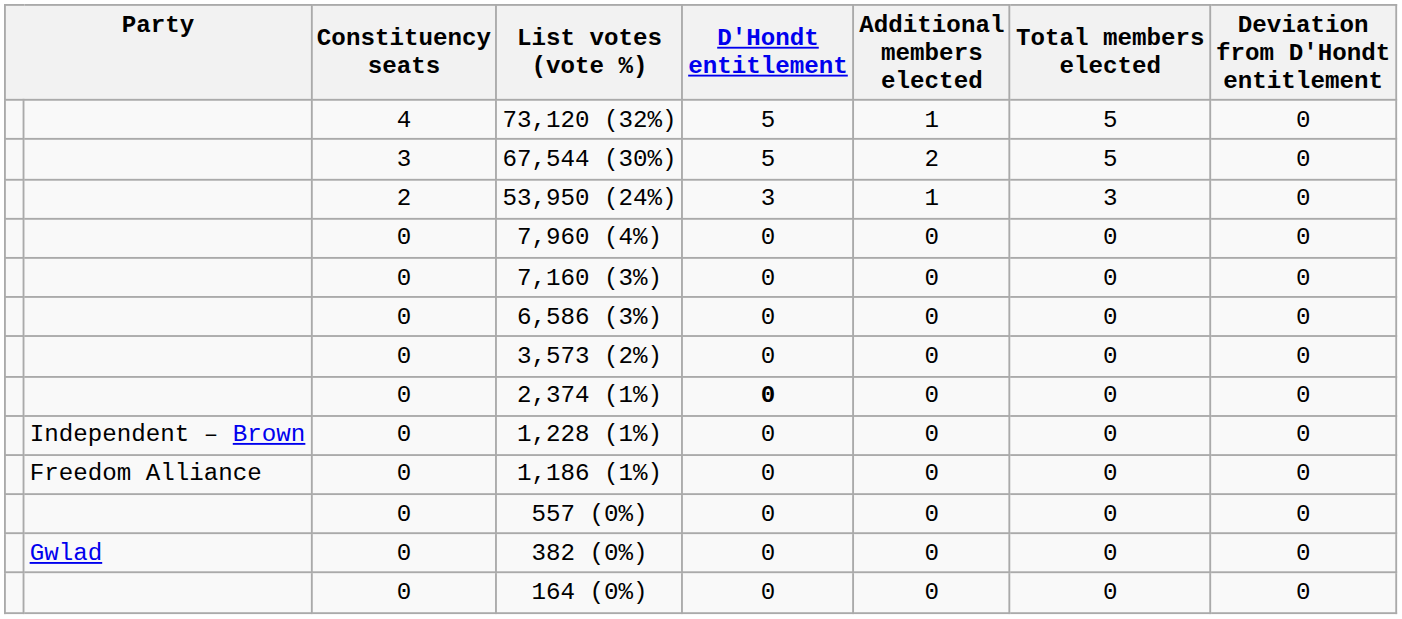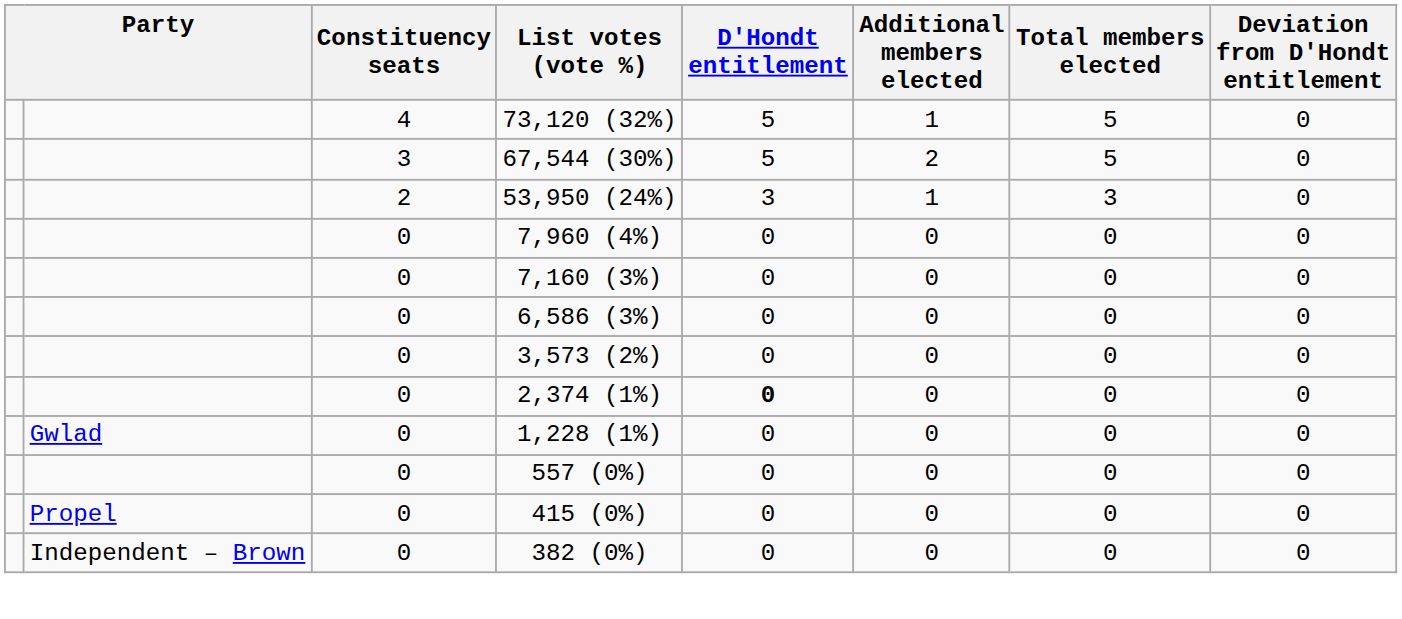 <table class="wikitable" style="text-align:center">
 <tr>
 <th colspan="2" rowspan="1" align="center" valign="top">Party</th>
 <th>Constituency<br>seats</th>
 <th>List votes<br>(vote %)</th>
 <th><a href='#'>D'Hondt<br>entitlement</a></th>
 <th>Additional<br>members<br>elected</th>
 <th>Total members<br>elected</th>
 <th>Deviation<br>from D'Hondt<br>entitlement</th>
 </tr>
 <tr>
 <td style="width: 4px"></td>
 <td style="text-align: left;" scope="row"><a href='#'></a></td>
 <td>4</td>
 <td>73,120 (32%)</td>
 <td>5</td>
 <td>1</td>
 <td>5</td>
 <td>0</td>
 </tr>
 <tr>
 <td style="width: 4px"></td>
 <td style="text-align: left;" scope="row"><a href='#'></a></td>
 <td>3</td>
 <td>67,544 (30%)</td>
 <td>5</td>
 <td>2</td>
 <td>5</td>
 <td>0</td>
 </tr>
 <tr>
 <td style="width: 4px"></td>
 <td style="text-align: left;" scope="row"><a href='#'></a></td>
 <td>2</td>
 <td>53,950 (24%)</td>
 <td>3</td>
 <td>1</td>
 <td>3</td>
 <td>0</td>
 </tr>
 <tr>
 <td style="width: 4px"></td>
 <td style="text-align: left;" scope="row"><a href='#'></a></td>
 <td>0</td>
 <td>7,960 (4%)</td>
 <td>0</td>
 <td>0</td>
 <td>0</td>
 <td>0</td>
 </tr>
 <tr>
 <td style="width: 4px"></td>
 <td style="text-align: left;" scope="row"><a href='#'></a></td>
 <td>0</td>
 <td>7,160 (3%)</td>
 <td>0</td>
 <td>0</td>
 <td>0</td>
 <td>0</td>
 </tr>
 <tr>
 <td style="width: 4px"></td>
 <td style="text-align: left;" scope="row"><a href='#'></a></td>
 <td>0</td>
 <td>6,586 (3%)</td>
 <td>0</td>
 <td>0</td>
 <td>0</td>
 <td>0</td>
 </tr>
 <tr>
 <td style="width: 4px"></td>
 <td style="text-align: left;" scope="row"><a href='#'></a></td>
 <td>0</td>
 <td>3,573 (2%)</td>
 <td>0</td>
 <td>0</td>
 <td>0</td>
 <td>0</td>
 </tr>
 <tr>
 <td style="width: 4px"></td>
 <td style="text-align: left;" scope="row"><a href='#'></a></td>
 <td>0</td>
 <td>2,374 (1%)</td>
 <td><strong>0</strong></td>
 <td>0</td>
 <td>0</td>
 <td>0</td>
 </tr>
 <tr>
 <td style="width: 4px"></td>
-<td style="text-align: left;" scope="row">Independent – <a href='#'>Brown</a></td>
+<td style="text-align: left;" scope="row"><a href='#'>Gwlad</a></td>
 <td>0</td>
 <td>1,228 (1%)</td>
-<td>0</td>
-<td>0</td>
-<td>0</td>
-<td>0</td>
-</tr>
-<tr>
-<td style="width: 4px"></td>
-<td style="text-align: left;" scope="row">Freedom Alliance</td>
-<td>0</td>
-<td>1,186 (1%)</td>
 <td>0</td>
 <td>0</td>
 <td>0</td>
 <td>0</td>
 </tr>
 <tr>
 <td style="width: 4px"></td>
 <td style="text-align: left;" scope="row"><a href='#'></a></td>
 <td>0</td>
 <td>557 (0%)</td>
 <td>0</td>
 <td>0</td>
 <td>0</td>
 <td>0</td>
 </tr>
 <tr>
+<td style="width: 4px"></td>
+<td style="text-align: left;" scope="row"><a href='#'>Propel</a></td>
+<td>0</td>
+<td>415 (0%)</td>
+<td>0</td>
+<td>0</td>
+<td>0</td>
+<td>0</td>
+</tr>
+<tr>
 <td style="width: 4px" bgcolor=></td>
-<td style="text-align: left;" scope="row"><a href='#'>Gwlad</a></td>
+<td style="text-align: left;" scope="row">Independent – <a href='#'>Brown</a></td>
 <td>0</td>
 <td>382 (0%)</td>
 <td>0</td>
 <td>0</td>
 <td>0</td>
 <td>0</td>
 </tr>
-<tr>
-<td style="width: 4px"></td>
-<td style="text-align: left;" scope="row"><a href='#'></a></td>
-<td>0</td>
-<td>164 (0%)</td>
-<td>0</td>
-<td>0</td>
-<td>0</td>
-<td>0</td>
-</tr>
 </table>
